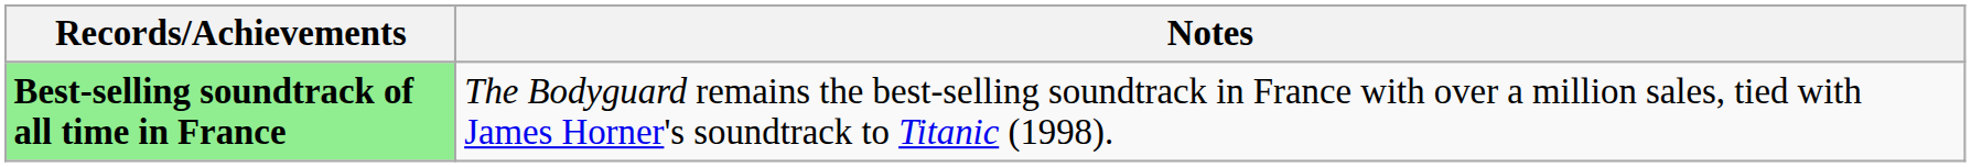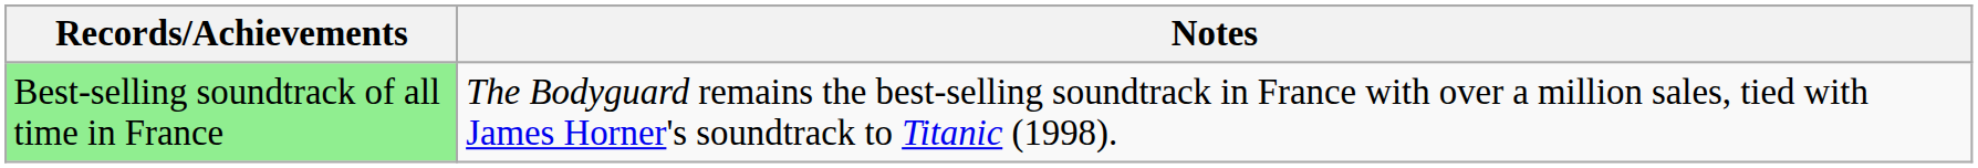 <table class="wikitable sortable plainrowheaders">
 <tr>
 <th scope="col" width=20%>Records/Achievements</th>
 <th scope="col" width=67%>Notes</th>
 </tr>
 <tr>
-<td style="background-color: #90EE90;"><strong>Best-selling soundtrack of all time in France</strong></td>
+<td style="background-color: #90EE90;">Best-selling soundtrack of all time in France</td>
 <td><em>The Bodyguard</em> remains the best-selling soundtrack in France with over a million sales, tied with <a href='#'>James Horner</a>'s soundtrack to <em><a href='#'>Titanic</a></em> (1998).</td>
 </tr>
 </table>
